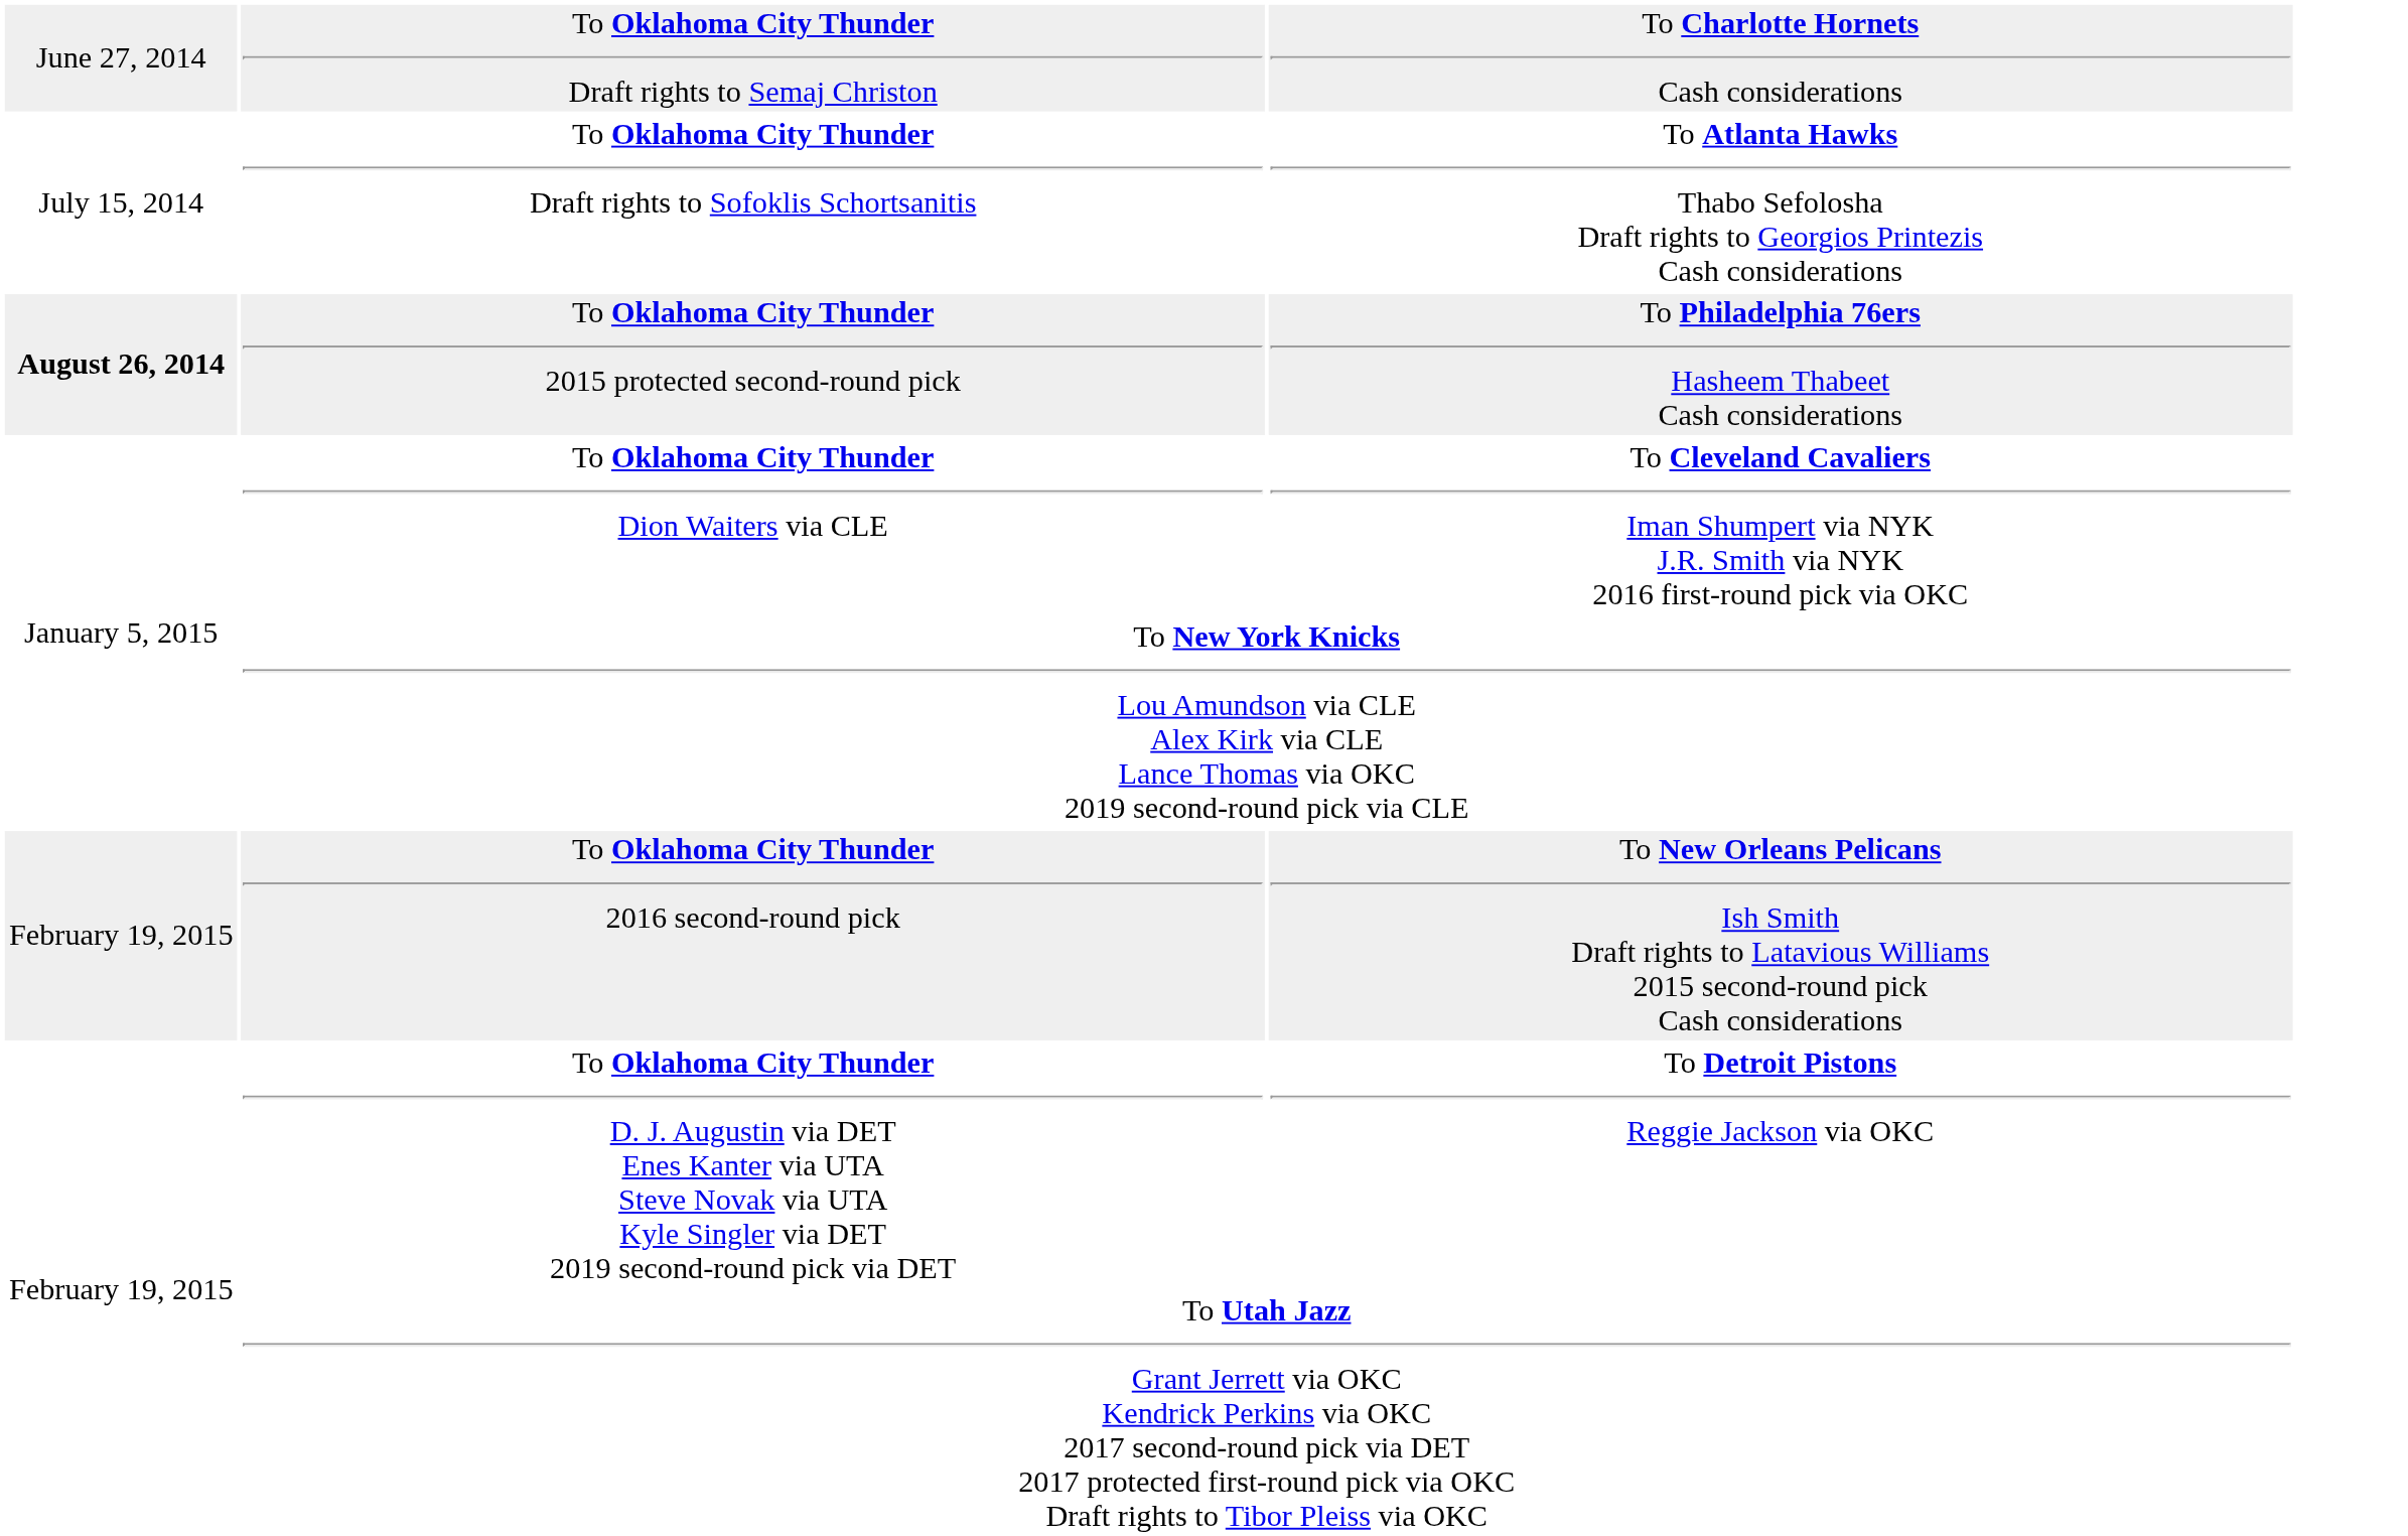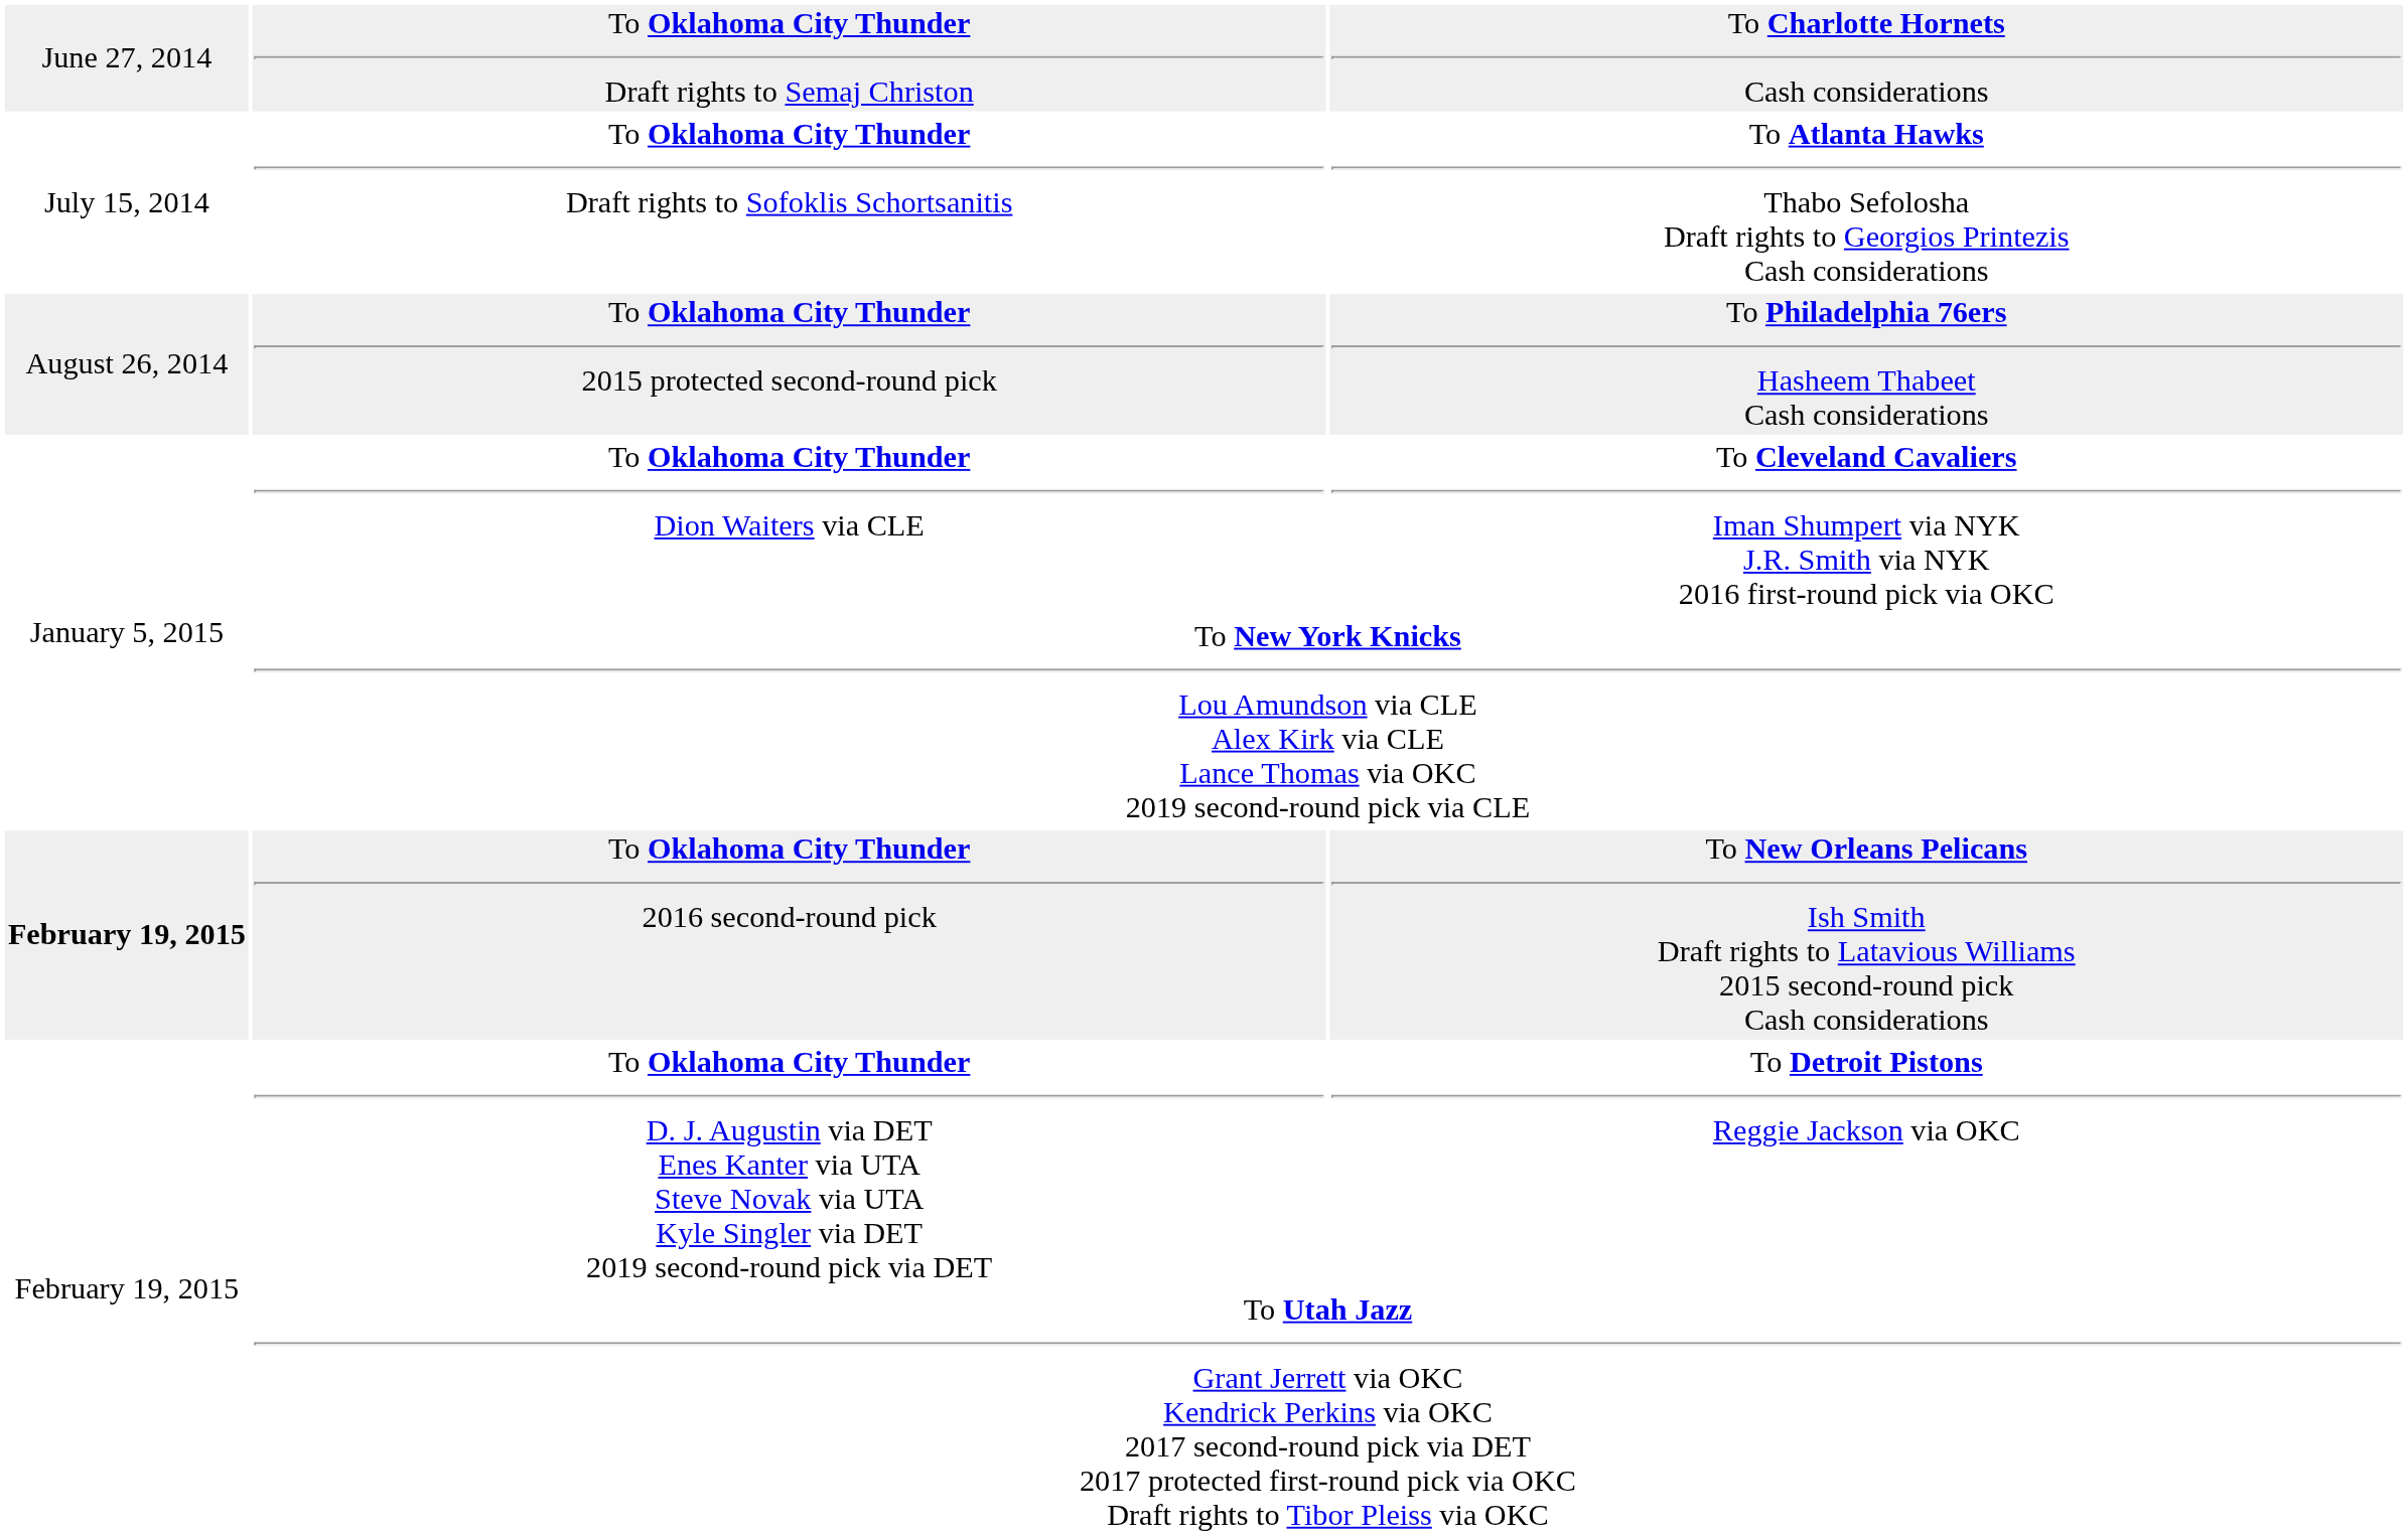 <table style="text-align: center">
 <tr style="background:#eeee">
 <td style="width:10%">June 27, 2014</td>
 <td style="width:31%; vertical-align:top;">To <strong><a href='#'>Oklahoma City Thunder</a></strong><hr>Draft rights to <a href='#'>Semaj Christon</a></td>
 <td style="width:31%; vertical-align:top;">To <strong><a href='#'>Charlotte Hornets</a></strong><hr>Cash considerations</td>
 </tr>
 <tr>
 <td style="width:10%">July 15, 2014</td>
 <td style="width:31%; vertical-align:top;">To <strong><a href='#'>Oklahoma City Thunder</a></strong><hr>Draft rights to <a href='#'>Sofoklis Schortsanitis</a></td>
 <td style="width:31%; vertical-align:top;">To <strong><a href='#'>Atlanta Hawks</a></strong><hr>Thabo Sefolosha<br>Draft rights to <a href='#'>Georgios Printezis</a><br>Cash considerations</td>
 </tr>
 <tr style="background:#eeee">
-<td style="width:10%"><strong>August 26, 2014</strong></td>
+<td style="width:10%">August 26, 2014</td>
 <td style="width:31%; vertical-align:top;">To <strong><a href='#'>Oklahoma City Thunder</a></strong><hr>2015 protected second-round pick</td>
 <td style="width:31%; vertical-align:top;">To <strong><a href='#'>Philadelphia 76ers</a></strong><hr><a href='#'>Hasheem Thabeet</a><br>Cash considerations</td>
 </tr>
 <tr>
 <td style="width:10%" rowspan=2>January 5, 2015</td>
 <td style="width:44%; vertical-align:top;">To <strong><a href='#'>Oklahoma City Thunder</a></strong><hr><a href='#'>Dion Waiters</a> via CLE</td>
 <td style="width:44%; vertical-align:top;">To <strong><a href='#'>Cleveland Cavaliers</a></strong><hr><a href='#'>Iman Shumpert</a> via NYK<br><a href='#'>J.R. Smith</a> via NYK<br>2016 first-round pick via OKC</td>
 </tr>
 <tr>
 <td colspan="3">To <strong><a href='#'>New York Knicks</a></strong><hr><a href='#'>Lou Amundson</a> via CLE<br><a href='#'>Alex Kirk</a> via CLE<br><a href='#'>Lance Thomas</a> via OKC<br>2019 second-round pick via CLE</td>
 </tr>
 <tr style="background:#eeee">
-<td style="width:10%">February 19, 2015</td>
+<td style="width:10%"><strong>February 19, 2015</strong></td>
 <td style="width:31%; vertical-align:top;">To <strong><a href='#'>Oklahoma City Thunder</a></strong><hr>2016 second-round pick</td>
 <td style="width:31%; vertical-align:top;">To <strong><a href='#'>New Orleans Pelicans</a></strong><hr><a href='#'>Ish Smith</a><br>Draft rights to <a href='#'>Latavious Williams</a><br>2015 second-round pick<br>Cash considerations</td>
 </tr>
 <tr>
 <td style="width:10%" rowspan=2>February 19, 2015</td>
 <td style="width:44%; vertical-align:top;">To <strong><a href='#'>Oklahoma City Thunder</a></strong><hr><a href='#'>D. J. Augustin</a> via DET<br><a href='#'>Enes Kanter</a> via UTA<br><a href='#'>Steve Novak</a> via UTA<br><a href='#'>Kyle Singler</a> via DET<br>2019 second-round pick via DET</td>
 <td style="width:44%; vertical-align:top;">To <strong><a href='#'>Detroit Pistons</a></strong><hr><a href='#'>Reggie Jackson</a> via OKC</td>
 </tr>
 <tr>
 <td colspan="3">To <strong><a href='#'>Utah Jazz</a></strong><hr><a href='#'>Grant Jerrett</a> via OKC<br><a href='#'>Kendrick Perkins</a> via OKC<br>2017 second-round pick via DET<br>2017 protected first-round pick via OKC<br>Draft rights to <a href='#'>Tibor Pleiss</a> via OKC</td>
 </tr>
 </table>
